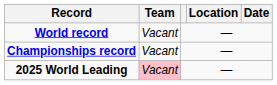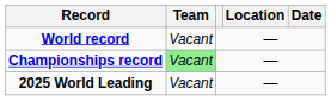 <table class="wikitable" style="text-align:center">
 <tr>
 <th scope="col">Record</th>
 <th scope="col">Team</th>
 <th scope="col"></th>
 <th scope="col">Location</th>
 <th scope="col">Date</th>
 </tr>
 <tr>
 <td scope="row"><strong><a href='#'>World record</a></strong></td>
 <td><em>Vacant</em></td>
 <td colspan="3">—</td>
 </tr>
 <tr>
 <td scope="row"><strong><a href='#'>Championships record</a></strong></td>
-<td><em>Vacant</em></td>
+<td style="background: lightgreen;"><em>Vacant</em></td>
 <td colspan="3">—</td>
 </tr>
 <tr>
 <td scope="row"><strong>2025 World Leading</strong></td>
-<td style="background: pink;"><em>Vacant</em></td>
+<td><em>Vacant</em></td>
 <td colspan="3">—</td>
 </tr>
 </table>
